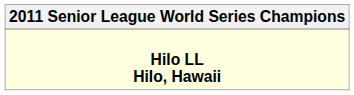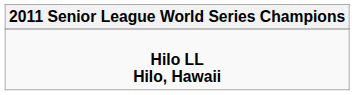 <table class="wikitable" style="text-align: center; margin: 0 auto;">
 <tr>
 <th>2011 Senior League World Series Champions</th>
 </tr>
 <tr>
 </tr>
 <tr>
-<td style="background: lightyellow;"><br><strong>Hilo LL</strong><br> <strong>Hilo, Hawaii</strong></td>
+<td><br><strong>Hilo LL</strong><br> <strong>Hilo, Hawaii</strong></td>
 </tr>
 </table>
